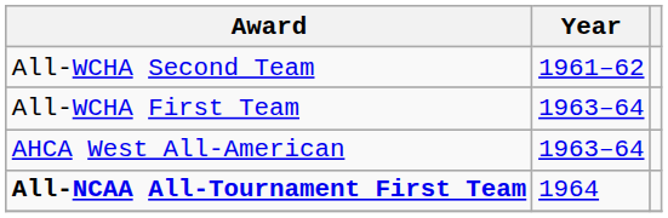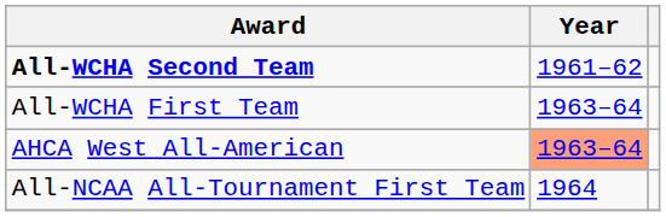 <table class="wikitable">
 <tr>
 <th>Award</th>
 <th>Year</th>
 <th></th>
 </tr>
 <tr>
-<td>All-<a href='#'>WCHA</a> <a href='#'>Second Team</a></td>
+<td><strong>All-<a href='#'>WCHA</a> <a href='#'>Second Team</a></strong></td>
 <td><a href='#'>1961–62</a></td>
 <td></td>
 </tr>
 <tr>
 <td>All-<a href='#'>WCHA</a> <a href='#'>First Team</a></td>
 <td><a href='#'>1963–64</a></td>
 <td></td>
 </tr>
 <tr>
 <td><a href='#'>AHCA</a> <a href='#'>West All-American</a></td>
-<td><a href='#'>1963–64</a></td>
+<td style="background: lightsalmon;"><a href='#'>1963–64</a></td>
 <td></td>
 </tr>
 <tr>
-<td><strong>All-<a href='#'>NCAA</a> <a href='#'>All-Tournament First Team</a></strong></td>
+<td>All-<a href='#'>NCAA</a> <a href='#'>All-Tournament First Team</a></td>
 <td><a href='#'>1964</a></td>
 <td></td>
 </tr>
 <tr>
 </tr>
 </table>
